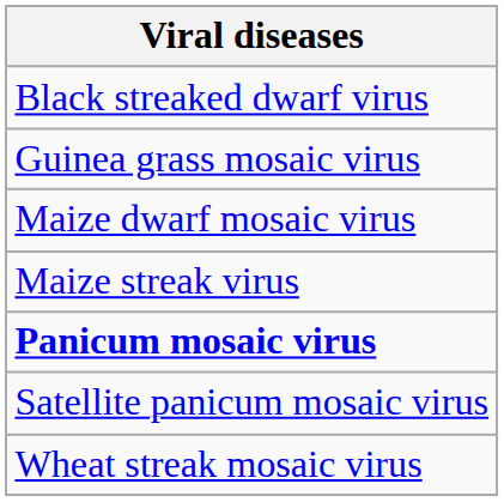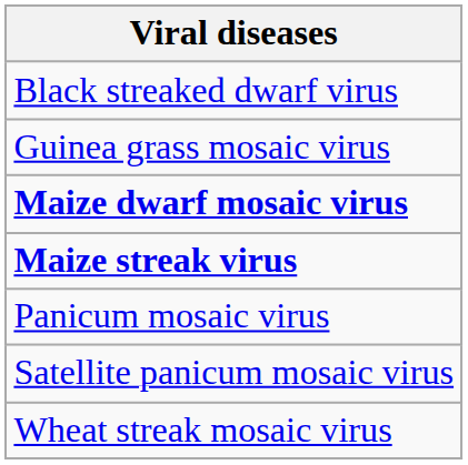 <table class="wikitable" style="clear">
 <tr>
 <th colspan=2><strong>Viral diseases</strong><br></th>
 </tr>
 <tr>
 <td><a href='#'>Black streaked dwarf virus</a></td>
 </tr>
 <tr>
 <td><a href='#'>Guinea grass mosaic virus</a></td>
 </tr>
 <tr>
-<td><a href='#'>Maize dwarf mosaic virus</a></td>
+<td><strong><a href='#'>Maize dwarf mosaic virus</a></strong></td>
 </tr>
 <tr>
-<td><a href='#'>Maize streak virus</a></td>
+<td><strong><a href='#'>Maize streak virus</a></strong></td>
 </tr>
 <tr>
-<td><strong><a href='#'>Panicum mosaic virus</a></strong></td>
+<td><a href='#'>Panicum mosaic virus</a></td>
 </tr>
 <tr>
 <td><a href='#'>Satellite panicum mosaic virus</a></td>
 </tr>
 <tr>
 <td><a href='#'>Wheat streak mosaic virus</a></td>
 </tr>
 <tr>
 </tr>
 </table>
